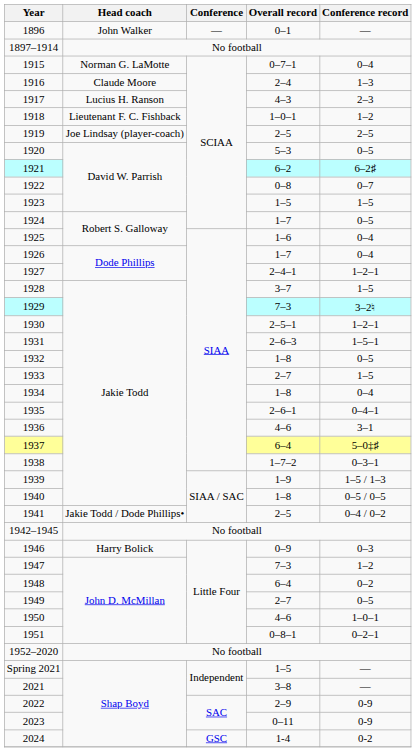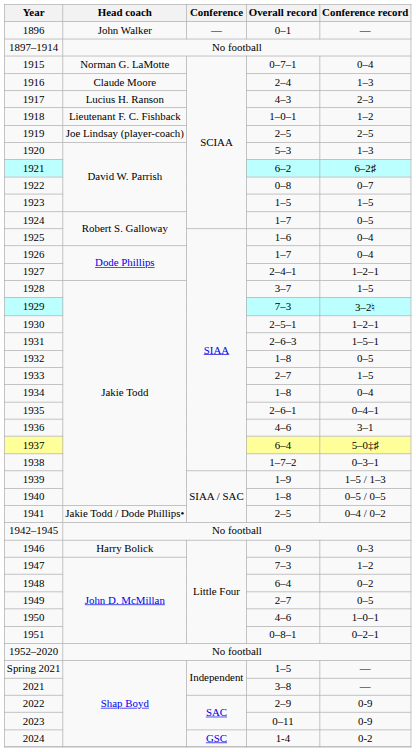 <table class="wikitable" style="text-align:center;" "valign="top">
 <tr>
 <th>Year</th>
 <th>Head coach</th>
 <th>Conference</th>
 <th>Overall record</th>
 <th>Conference record</th>
 </tr>
 <tr style="text-align:center;">
 <td>1896</td>
 <td>John Walker</td>
 <td>—</td>
 <td>0–1</td>
 <td>—</td>
 </tr>
 <tr style="text-align:center;">
 <td>1897–1914</td>
 <td colspan=4>No football</td>
 </tr>
 <tr style="text-align:center;">
 <td>1915</td>
 <td>Norman G. LaMotte</td>
 <td rowspan=10>SCIAA</td>
 <td>0–7–1</td>
 <td>0–4</td>
 </tr>
 <tr style="text-align:center;">
 <td>1916</td>
 <td>Claude Moore</td>
 <td>2–4</td>
 <td>1–3</td>
 </tr>
 <tr style="text-align:center;">
 <td>1917</td>
 <td>Lucius H. Ranson</td>
 <td>4–3</td>
 <td>2–3</td>
 </tr>
 <tr style="text-align:center;">
 <td>1918</td>
 <td>Lieutenant F. C. Fishback</td>
 <td>1–0–1</td>
 <td>1–2</td>
 </tr>
 <tr style="text-align:center;">
 <td>1919</td>
 <td>Joe Lindsay (player-coach)</td>
 <td>2–5</td>
 <td>2–5</td>
 </tr>
 <tr style="text-align:center;">
 <td>1920</td>
 <td rowspan=4>David W. Parrish</td>
 <td>5–3</td>
-<td>0–5</td>
+<td>1–3</td>
 </tr>
 <tr style="text-align:center;background-color:#bbffff">
 <td>1921</td>
 <td>6–2</td>
 <td>6–2♯</td>
 </tr>
 <tr style="text-align:center;">
 <td>1922</td>
 <td>0–8</td>
 <td>0–7</td>
 </tr>
 <tr style="text-align:center;">
 <td>1923</td>
 <td>1–5</td>
 <td>1–5</td>
 </tr>
 <tr style="text-align:center;">
 <td>1924</td>
 <td rowspan=2>Robert S. Galloway</td>
 <td>1–7</td>
 <td>0–5</td>
 </tr>
 <tr style="text-align:center;">
 <td>1925</td>
 <td rowspan=14><a href='#'>SIAA</a></td>
 <td>1–6</td>
 <td>0–4</td>
 </tr>
 <tr style="text-align:center;">
 <td>1926</td>
 <td rowspan=2><a href='#'>Dode Phillips</a></td>
 <td>1–7</td>
 <td>0–4</td>
 </tr>
 <tr style="text-align:center;">
 <td>1927</td>
 <td>2–4–1</td>
 <td>1–2–1</td>
 </tr>
 <tr style="text-align:center;">
 <td>1928</td>
 <td rowspan=13>Jakie Todd</td>
 <td>3–7</td>
 <td>1–5</td>
 </tr>
 <tr style="text-align:center;background-color:#bbffff">
 <td>1929</td>
 <td>7–3</td>
 <td>3–2♮</td>
 </tr>
 <tr style="text-align:center;">
 <td>1930</td>
 <td>2–5–1</td>
 <td>1–2–1</td>
 </tr>
 <tr style="text-align:center;">
 <td>1931</td>
 <td>2–6–3</td>
 <td>1–5–1</td>
 </tr>
 <tr style="text-align:center;">
 <td>1932</td>
 <td>1–8</td>
 <td>0–5</td>
 </tr>
 <tr style="text-align:center;">
 <td>1933</td>
 <td>2–7</td>
 <td>1–5</td>
 </tr>
 <tr style="text-align:center;">
 <td>1934</td>
 <td>1–8</td>
 <td>0–4</td>
 </tr>
 <tr style="text-align:center;">
 <td>1935</td>
 <td>2–6–1</td>
 <td>0–4–1</td>
 </tr>
 <tr style="text-align:center;">
 <td>1936</td>
 <td>4–6</td>
 <td>3–1</td>
 </tr>
 <tr style="text-align:center;background-color:#ffff99">
 <td>1937</td>
 <td>6–4</td>
 <td>5–0‡♯</td>
 </tr>
 <tr style="text-align:center;">
 <td>1938</td>
 <td>1–7–2</td>
 <td>0–3–1</td>
 </tr>
 <tr style="text-align:center;">
 <td>1939</td>
 <td rowspan=3>SIAA / SAC</td>
 <td>1–9</td>
 <td>1–5 / 1–3</td>
 </tr>
 <tr style="text-align:center;">
 <td>1940</td>
 <td>1–8</td>
 <td>0–5 / 0–5</td>
 </tr>
 <tr style="text-align:center;">
 <td>1941</td>
 <td>Jakie Todd / Dode Phillips•</td>
 <td>2–5</td>
 <td>0–4 / 0–2</td>
 </tr>
 <tr style="text-align:center;">
 <td>1942–1945</td>
 <td colspan=4>No football</td>
 </tr>
 <tr style="text-align:center;">
 <td>1946</td>
 <td>Harry Bolick</td>
 <td rowspan=6>Little Four</td>
 <td>0–9</td>
 <td>0–3</td>
 </tr>
 <tr style="text-align:center;">
 <td>1947</td>
 <td rowspan=5><a href='#'>John D. McMillan</a></td>
 <td>7–3</td>
 <td>1–2</td>
 </tr>
 <tr style="text-align:center;">
 <td>1948</td>
 <td>6–4</td>
 <td>0–2</td>
 </tr>
 <tr style="text-align:center;">
 <td>1949</td>
 <td>2–7</td>
 <td>0–5</td>
 </tr>
 <tr style="text-align:center;">
 <td>1950</td>
 <td>4–6</td>
 <td>1–0–1</td>
 </tr>
 <tr style="text-align:center;">
 <td>1951</td>
 <td>0–8–1</td>
 <td>0–2–1</td>
 </tr>
 <tr style="text-align:center;">
 <td>1952–2020</td>
 <td colspan=4>No football</td>
 </tr>
 <tr style="text-align:center;">
 <td>Spring 2021</td>
 <td rowspan=5><a href='#'>Shap Boyd</a></td>
 <td rowspan=2>Independent</td>
 <td>1–5</td>
 <td>—</td>
 </tr>
 <tr style="text-align:center;">
 <td>2021</td>
 <td>3–8</td>
 <td>—</td>
 </tr>
 <tr style="text-align:center;">
 <td>2022</td>
 <td rowspan=2><a href='#'>SAC</a></td>
 <td>2–9</td>
 <td>0-9</td>
 </tr>
 <tr style="text-align:center;">
 <td>2023</td>
 <td>0–11</td>
 <td>0-9</td>
 </tr>
 <tr style="text-align:center;">
 <td>2024</td>
 <td><a href='#'>GSC</a></td>
 <td>1-4</td>
 <td>0-2</td>
 </tr>
 <tr style="text-align:center;">
 </tr>
 </table>
